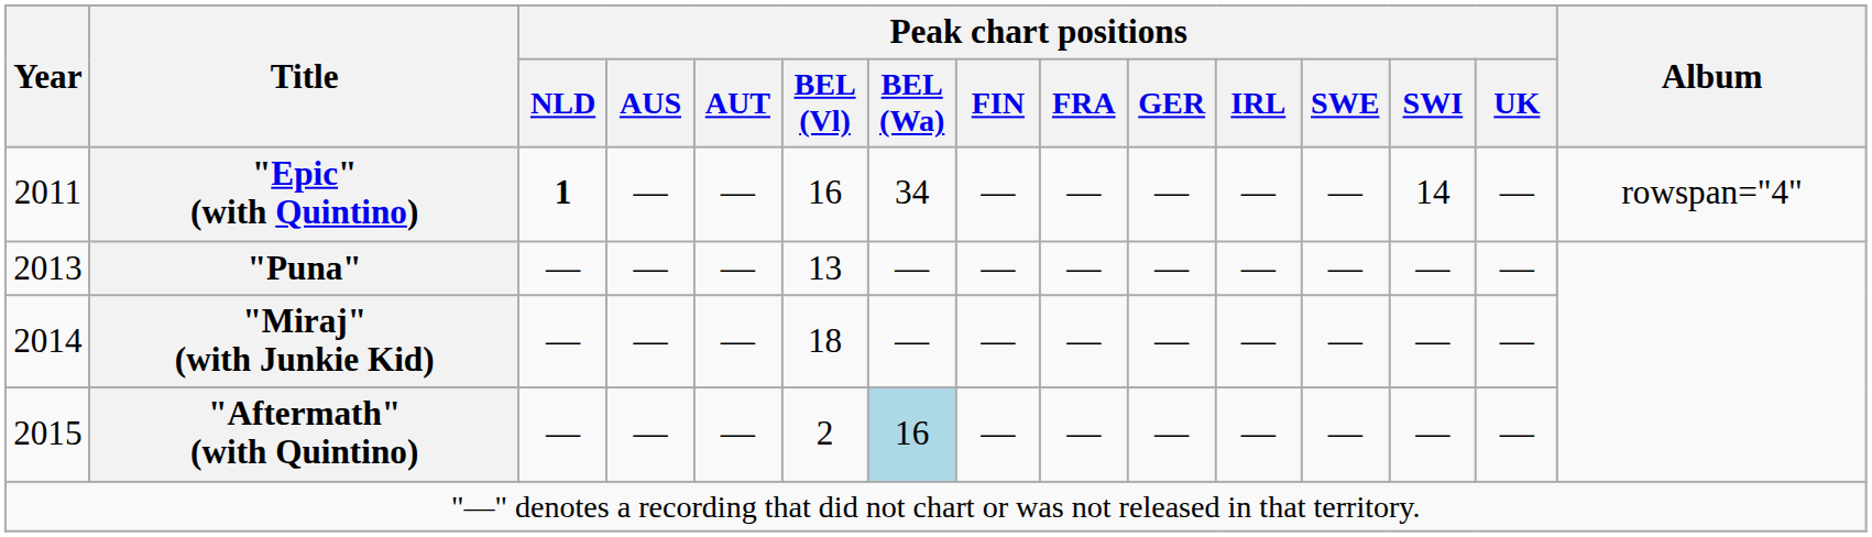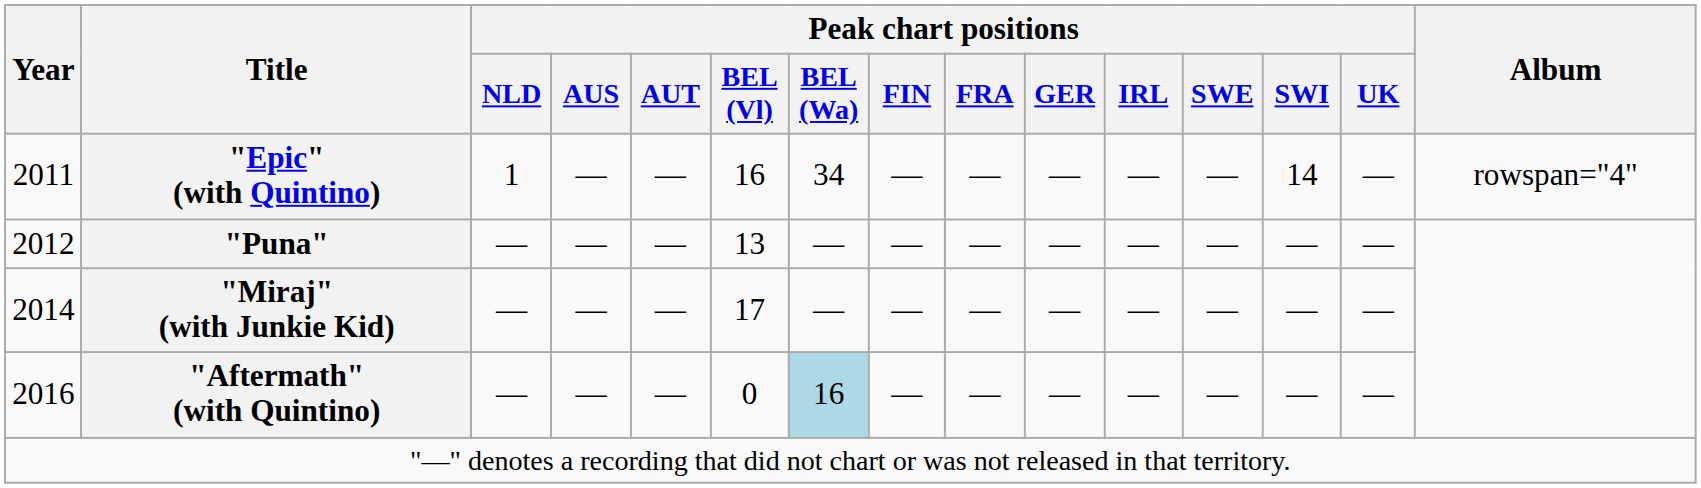 <table class="wikitable plainrowheaders" style="text-align:center;">
 <tr>
 <th scope="col" rowspan="2" style="width:1em;">Year</th>
 <th scope="col" rowspan="2" style="width:15em;">Title</th>
 <th scope="col" colspan="12">Peak chart positions</th>
 <th scope="col" rowspan="2" style="width:10em;">Album</th>
 </tr>
 <tr>
 <th scope="col" style="width:2.5em;font-size:90%;"><a href='#'>NLD</a><br></th>
 <th scope="col" style="width:2.5em;font-size:90%;"><a href='#'>AUS</a><br></th>
 <th scope="col" style="width:2.5em;font-size:90%;"><a href='#'>AUT</a><br></th>
 <th scope="col" style="width:2.5em;font-size:90%;"><a href='#'>BEL (Vl)</a><br></th>
 <th scope="col" style="width:2.5em;font-size:90%;"><a href='#'>BEL (Wa)</a><br></th>
 <th scope="col" style="width:2.5em;font-size:90%;"><a href='#'>FIN</a><br></th>
 <th scope="col" style="width:2.5em;font-size:90%;"><a href='#'>FRA</a><br></th>
 <th scope="col" style="width:2.5em;font-size:90%;"><a href='#'>GER</a><br></th>
 <th scope="col" style="width:2.5em;font-size:90%;"><a href='#'>IRL</a><br></th>
 <th scope="col" style="width:2.5em;font-size:90%;"><a href='#'>SWE</a><br></th>
 <th scope="col" style="width:2.5em;font-size:90%;"><a href='#'>SWI</a><br></th>
 <th scope="col" style="width:2.5em;font-size:90%;"><a href='#'>UK</a><br></th>
 </tr>
 <tr>
 <td rowspan="1">2011</td>
 <th scope="row">"<a href='#'>Epic</a>" <br><span>(with <a href='#'>Quintino</a>)</span></th>
-<td><strong>1</strong></td>
+<td>1</td>
 <td>—</td>
 <td>—</td>
 <td>16</td>
 <td>34</td>
 <td>—</td>
 <td>—</td>
 <td>—</td>
 <td>—</td>
 <td>—</td>
 <td>14</td>
 <td>—</td>
 <td>rowspan="4" </td>
 </tr>
 <tr>
-<td rowspan="1">2013</td>
+<td rowspan="1">2012</td>
 <th scope="row">"Puna"</th>
 <td>—</td>
 <td>—</td>
 <td>—</td>
 <td>13</td>
 <td>—</td>
 <td>—</td>
 <td>—</td>
 <td>—</td>
 <td>—</td>
 <td>—</td>
 <td>—</td>
 <td>—</td>
 </tr>
 <tr>
 <td rowspan="1">2014</td>
 <th scope="row">"Miraj" <br><span>(with Junkie Kid)</span></th>
 <td>—</td>
 <td>—</td>
 <td>—</td>
-<td>18</td>
+<td>17</td>
 <td>—</td>
 <td>—</td>
 <td>—</td>
 <td>—</td>
 <td>—</td>
 <td>—</td>
 <td>—</td>
 <td>—</td>
 </tr>
 <tr>
-<td rowspan="1">2015</td>
+<td rowspan="1">2016</td>
 <th scope="row">"Aftermath" <br><span>(with Quintino)</span></th>
 <td>—</td>
 <td>—</td>
 <td>—</td>
-<td>2</td>
+<td>0</td>
 <td style="background: lightblue;">16</td>
 <td>—</td>
 <td>—</td>
 <td>—</td>
 <td>—</td>
 <td>—</td>
 <td>—</td>
 <td>—</td>
 </tr>
 <tr>
 <td colspan="16" style="font-size:90%">"—" denotes a recording that did not chart or was not released in that territory.</td>
 </tr>
 </table>
